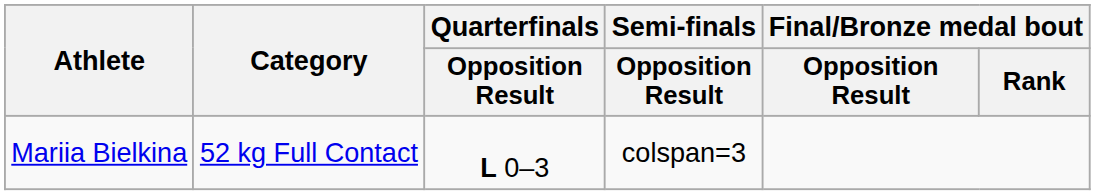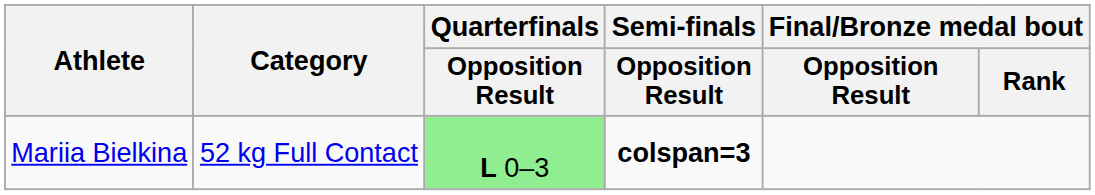 <table class="wikitable" style="text-align:center; font-size:90%">
 <tr>
 <th rowspan=2>Athlete</th>
 <th rowspan=2>Category</th>
 <th>Quarterfinals</th>
 <th>Semi-finals</th>
 <th colspan=2>Final/Bronze medal bout</th>
 </tr>
 <tr style="font-size:95%">
 <th>Opposition<br>Result</th>
 <th>Opposition<br>Result</th>
 <th>Opposition<br>Result</th>
 <th>Rank</th>
 </tr>
 <tr>
 <td align=left><a href='#'>Mariia Bielkina</a></td>
 <td align=left><a href='#'>52 kg Full Contact</a></td>
-<td><br><strong>L</strong> 0–3</td>
-<td>colspan=3 </td>
+<td style="background: lightgreen;"><br><strong>L</strong> 0–3</td>
+<td><strong>colspan=3 </strong></td>
 </tr>
 </table>
